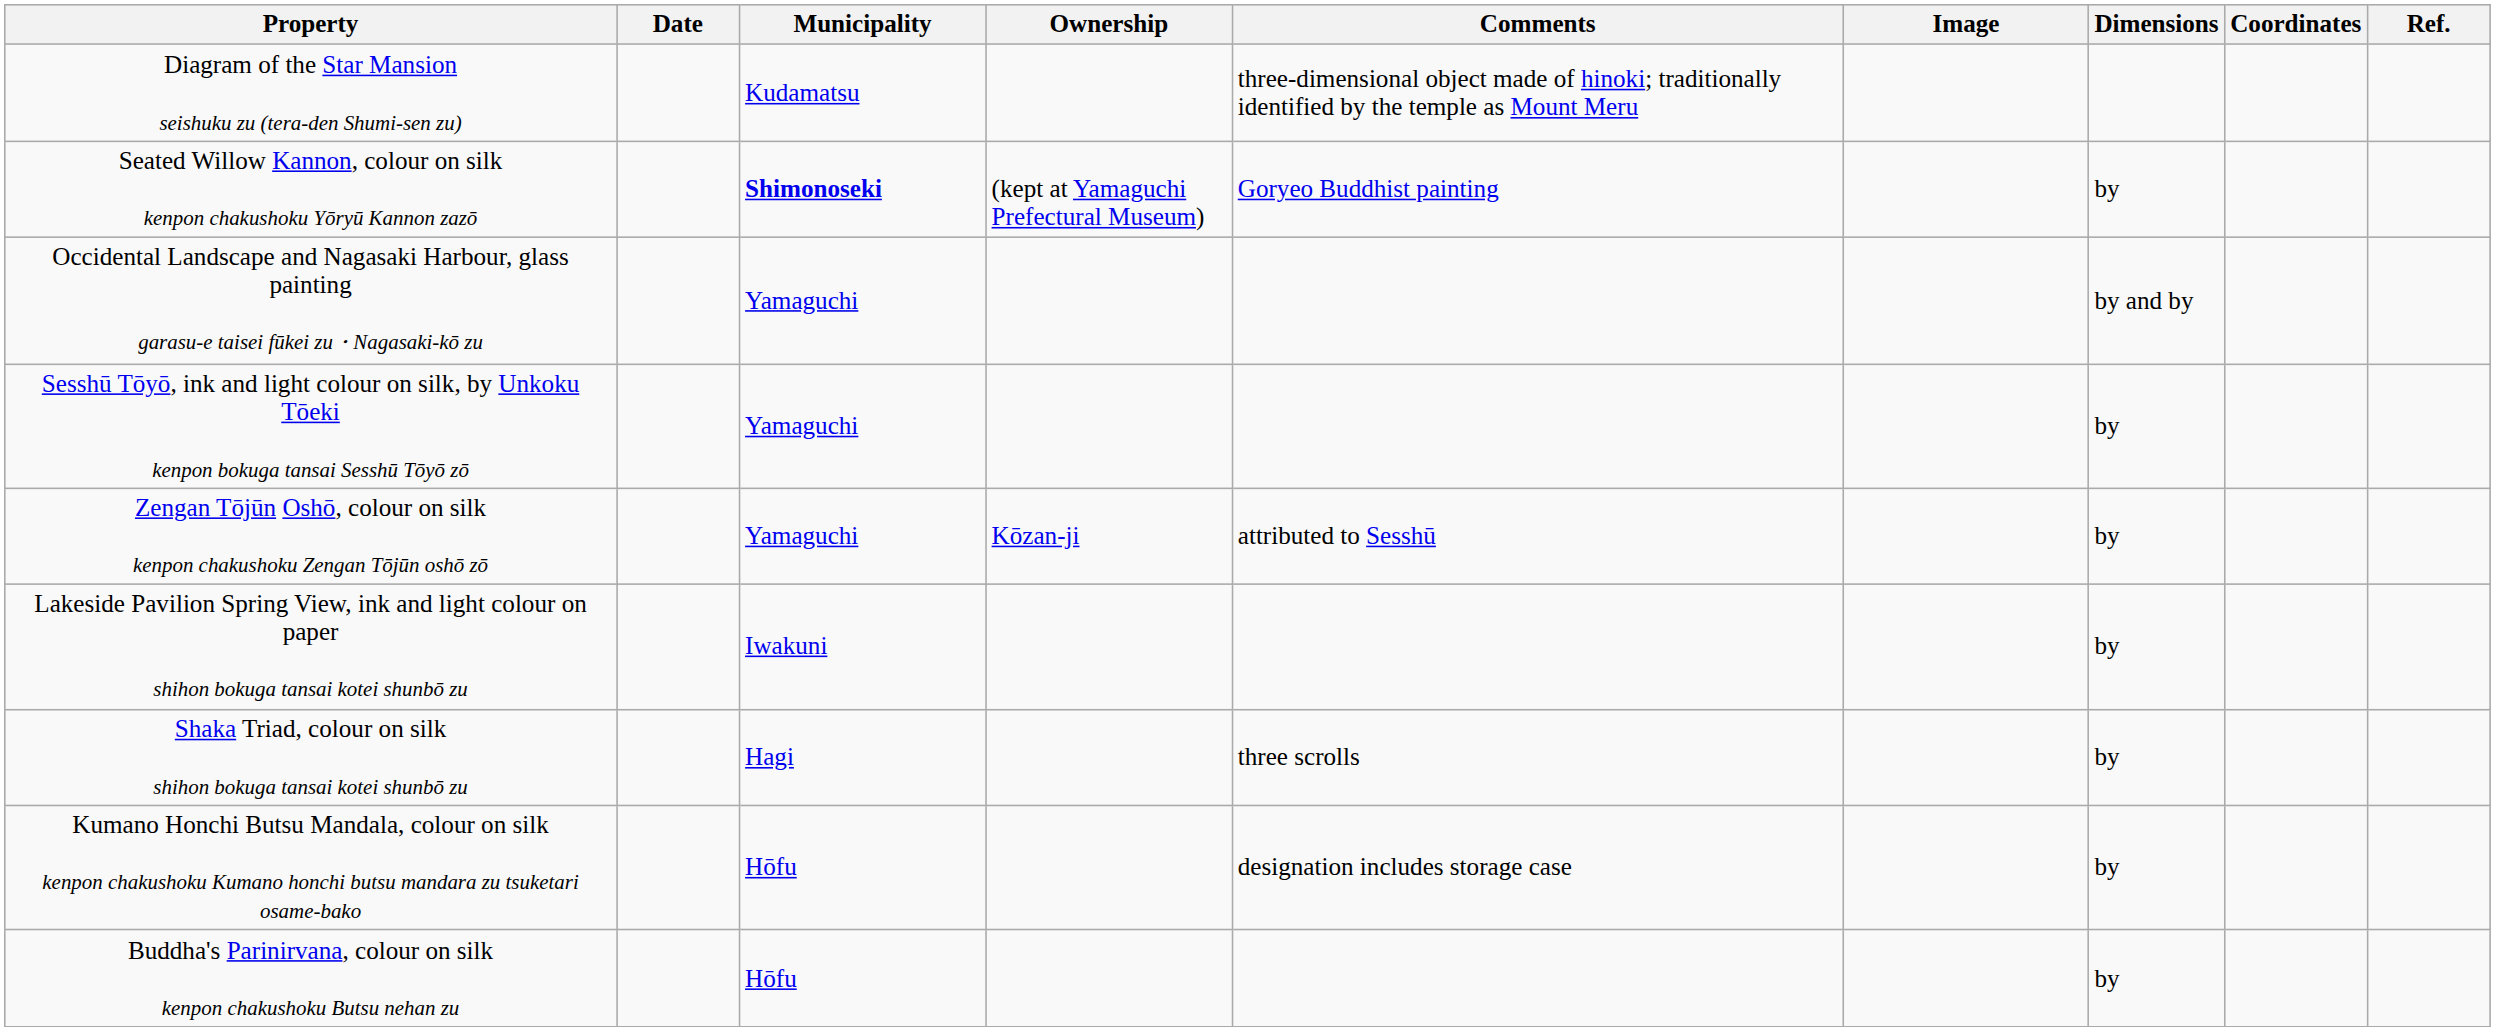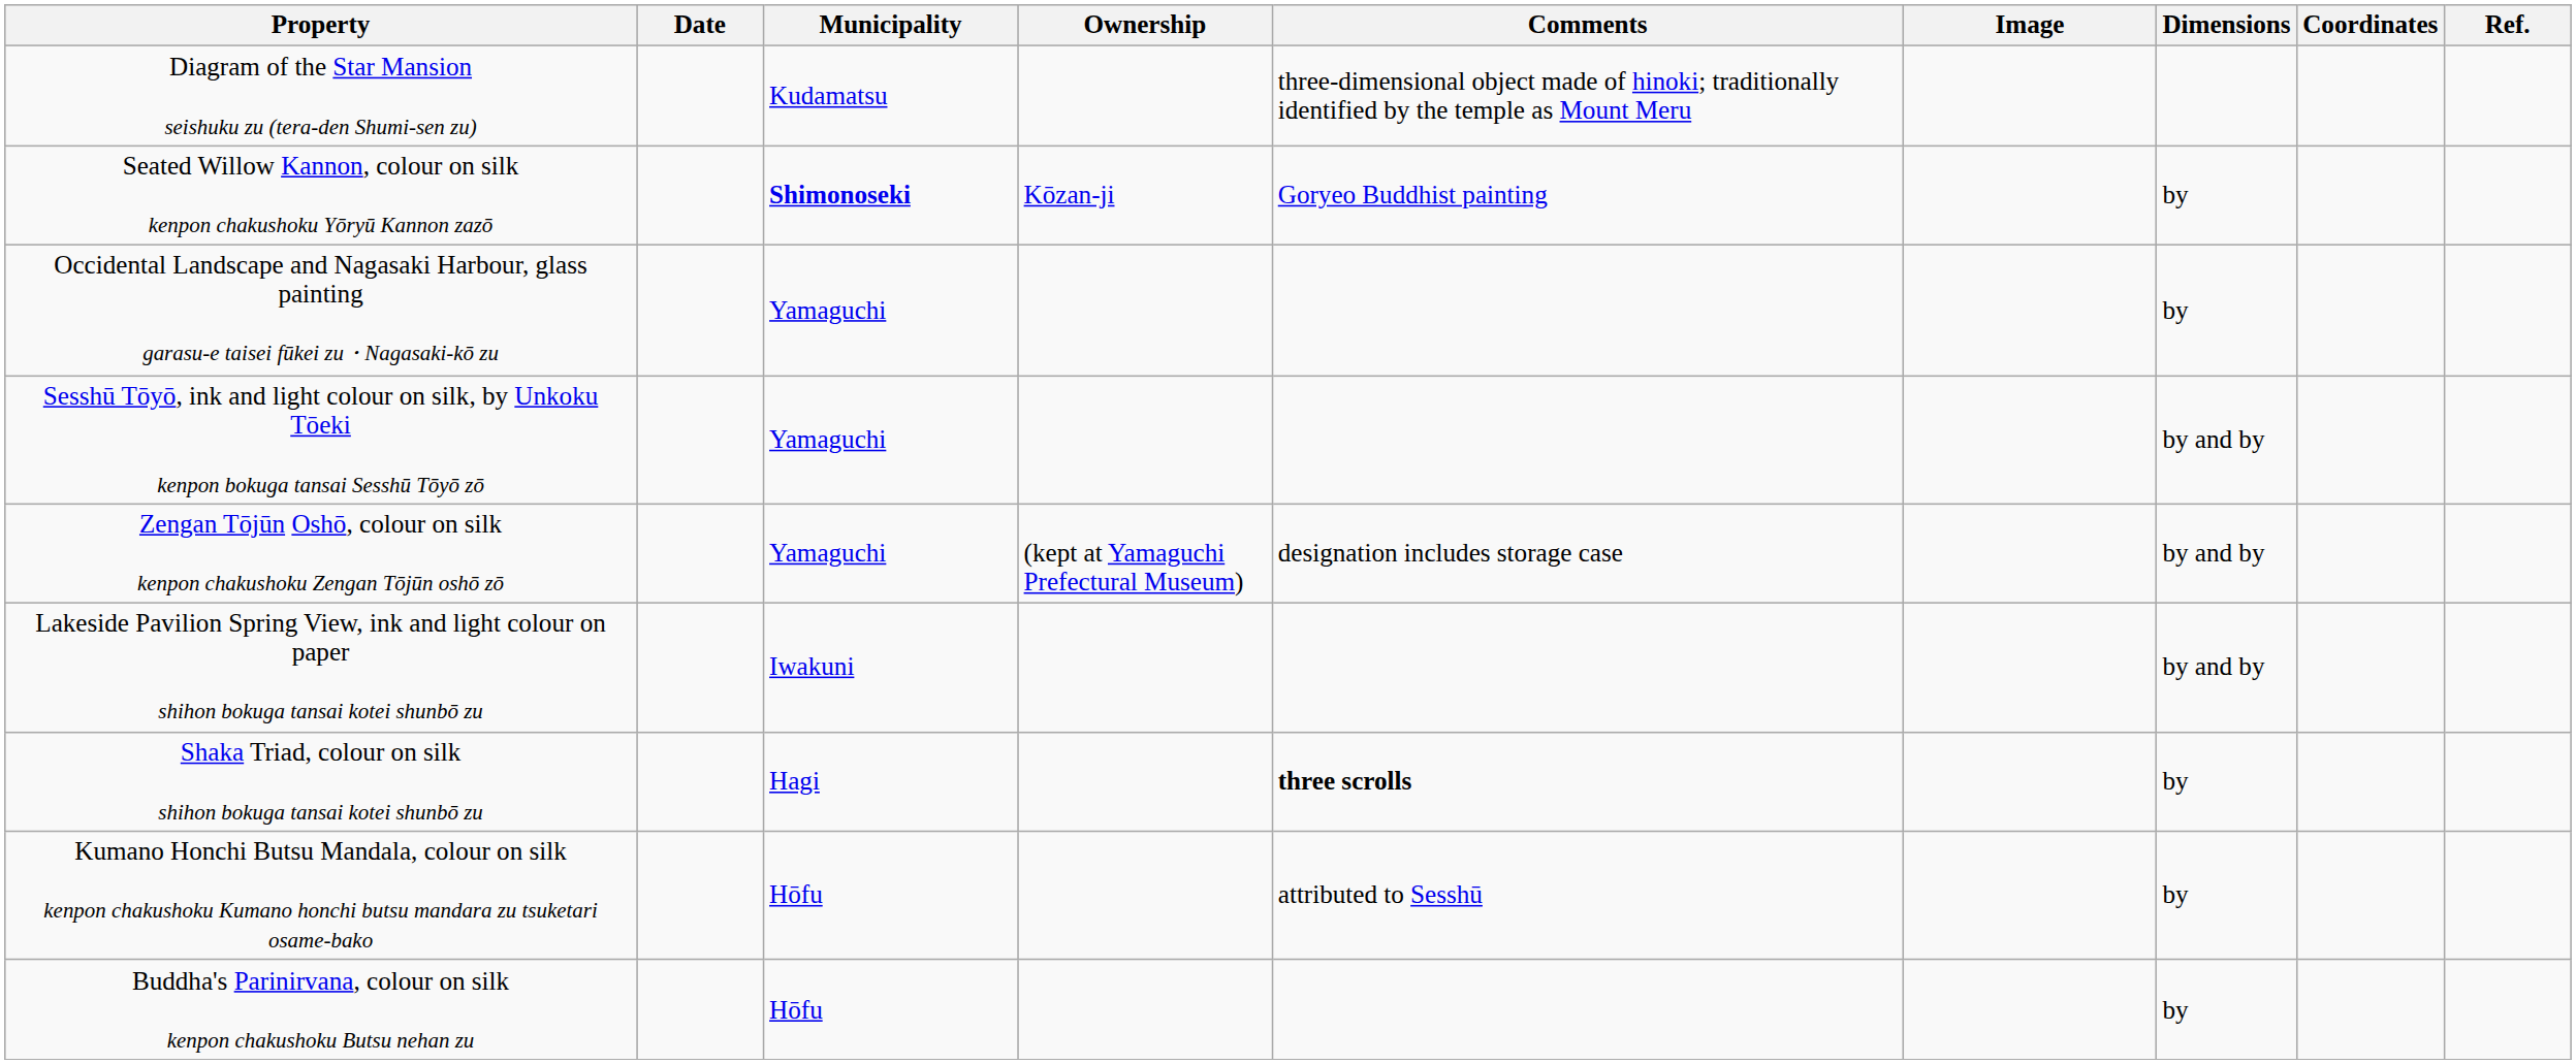 <table class="wikitable sortable"  style="width:100%;">
 <tr>
 <th width="25%" align="left">Property</th>
 <th width="5%" align="left" data-sort-type="number">Date</th>
 <th width="10%" align="left">Municipality</th>
 <th width="10%" align="left">Ownership</th>
 <th width="25%" align="left" class="unsortable">Comments</th>
 <th width="10%" align="left" class="unsortable">Image</th>
 <th width="5%" align="left" class="unsortable">Dimensions</th>
 <th width="5%" align="left" class="unsortable">Coordinates</th>
 <th width="5%" align="left" class="unsortable">Ref.</th>
 </tr>
 <tr>
 <td align="center">Diagram of the <a href='#'>Star Mansion</a><br><br><small><em>seishuku zu (tera-den Shumi-sen zu)</em></small></td>
 <td></td>
 <td><a href='#'>Kudamatsu</a></td>
 <td></td>
 <td>three-dimensional object made of <a href='#'>hinoki</a>; traditionally identified by the temple as <a href='#'>Mount Meru</a></td>
 <td></td>
 <td></td>
 <td></td>
 <td></td>
 </tr>
 <tr>
 <td align="center">Seated Willow <a href='#'>Kannon</a>, colour on silk<br><br><small><em>kenpon chakushoku Yōryū Kannon zazō</em></small></td>
 <td></td>
 <td><strong><a href='#'>Shimonoseki</a></strong></td>
-<td><br>(kept at <a href='#'>Yamaguchi Prefectural Museum</a>)</td>
+<td><a href='#'>Kōzan-ji</a></td>
 <td><a href='#'>Goryeo Buddhist painting</a></td>
 <td></td>
 <td> by </td>
 <td></td>
 <td></td>
 </tr>
 <tr>
 <td align="center">Occidental Landscape and Nagasaki Harbour, glass painting<br><br><small><em>garasu-e taisei fūkei zu・Nagasaki-kō zu</em></small></td>
 <td></td>
 <td><a href='#'>Yamaguchi</a></td>
 <td></td>
 <td></td>
 <td></td>
-<td> by  and  by </td>
+<td> by </td>
 <td></td>
 <td></td>
 </tr>
 <tr>
 <td align="center"><a href='#'>Sesshū Tōyō</a>, ink and light colour on silk, by <a href='#'>Unkoku Tōeki</a><br><br><small><em>kenpon bokuga tansai Sesshū Tōyō zō</em></small></td>
 <td></td>
 <td><a href='#'>Yamaguchi</a></td>
 <td></td>
 <td></td>
 <td></td>
-<td> by </td>
+<td> by  and  by </td>
 <td></td>
 <td></td>
 </tr>
 <tr>
 <td align="center"><a href='#'>Zengan Tōjūn</a> <a href='#'>Oshō</a>, colour on silk<br><br><small><em>kenpon chakushoku Zengan Tōjūn oshō zō</em></small></td>
 <td></td>
 <td><a href='#'>Yamaguchi</a></td>
-<td><a href='#'>Kōzan-ji</a></td>
-<td>attributed to <a href='#'>Sesshū</a></td>
+<td><br>(kept at <a href='#'>Yamaguchi Prefectural Museum</a>)</td>
+<td>designation includes storage case</td>
 <td></td>
-<td> by </td>
+<td> by  and  by </td>
 <td></td>
 <td></td>
 </tr>
 <tr>
 <td align="center">Lakeside Pavilion Spring View, ink and light colour on paper<br><br><small><em>shihon bokuga tansai kotei shunbō zu</em></small></td>
 <td></td>
 <td><a href='#'>Iwakuni</a></td>
 <td></td>
 <td></td>
 <td></td>
-<td> by </td>
+<td> by  and  by </td>
 <td></td>
 <td></td>
 </tr>
 <tr>
 <td align="center"><a href='#'>Shaka</a> Triad, colour on silk<br><br><small><em>shihon bokuga tansai kotei shunbō zu</em></small></td>
 <td></td>
 <td><a href='#'>Hagi</a></td>
 <td></td>
-<td>three scrolls</td>
+<td><strong>three scrolls</strong></td>
 <td></td>
 <td> by </td>
 <td></td>
 <td></td>
 </tr>
 <tr>
 <td align="center">Kumano Honchi Butsu Mandala, colour on silk<br><br><small><em>kenpon chakushoku Kumano honchi butsu mandara zu tsuketari osame-bako</em></small></td>
 <td></td>
 <td><a href='#'>Hōfu</a></td>
 <td></td>
-<td>designation includes storage case</td>
+<td>attributed to <a href='#'>Sesshū</a></td>
 <td></td>
 <td> by </td>
 <td></td>
 <td></td>
 </tr>
 <tr>
 <td align="center">Buddha's <a href='#'>Parinirvana</a>, colour on silk<br><br><small><em>kenpon chakushoku Butsu nehan zu</em></small></td>
 <td></td>
 <td><a href='#'>Hōfu</a></td>
 <td></td>
 <td></td>
 <td></td>
 <td> by </td>
 <td></td>
 <td></td>
 </tr>
 <tr>
 </tr>
 </table>
